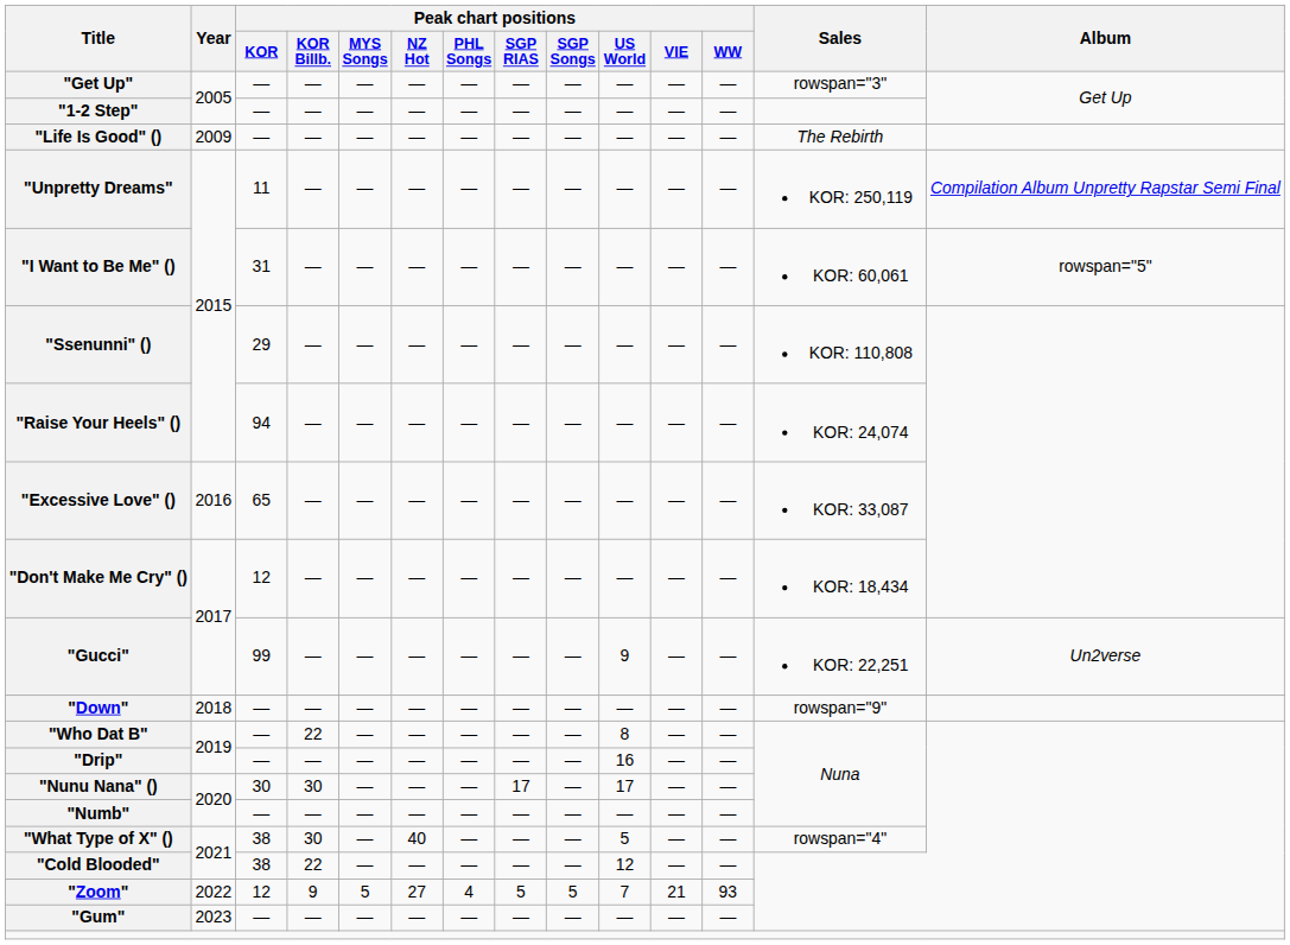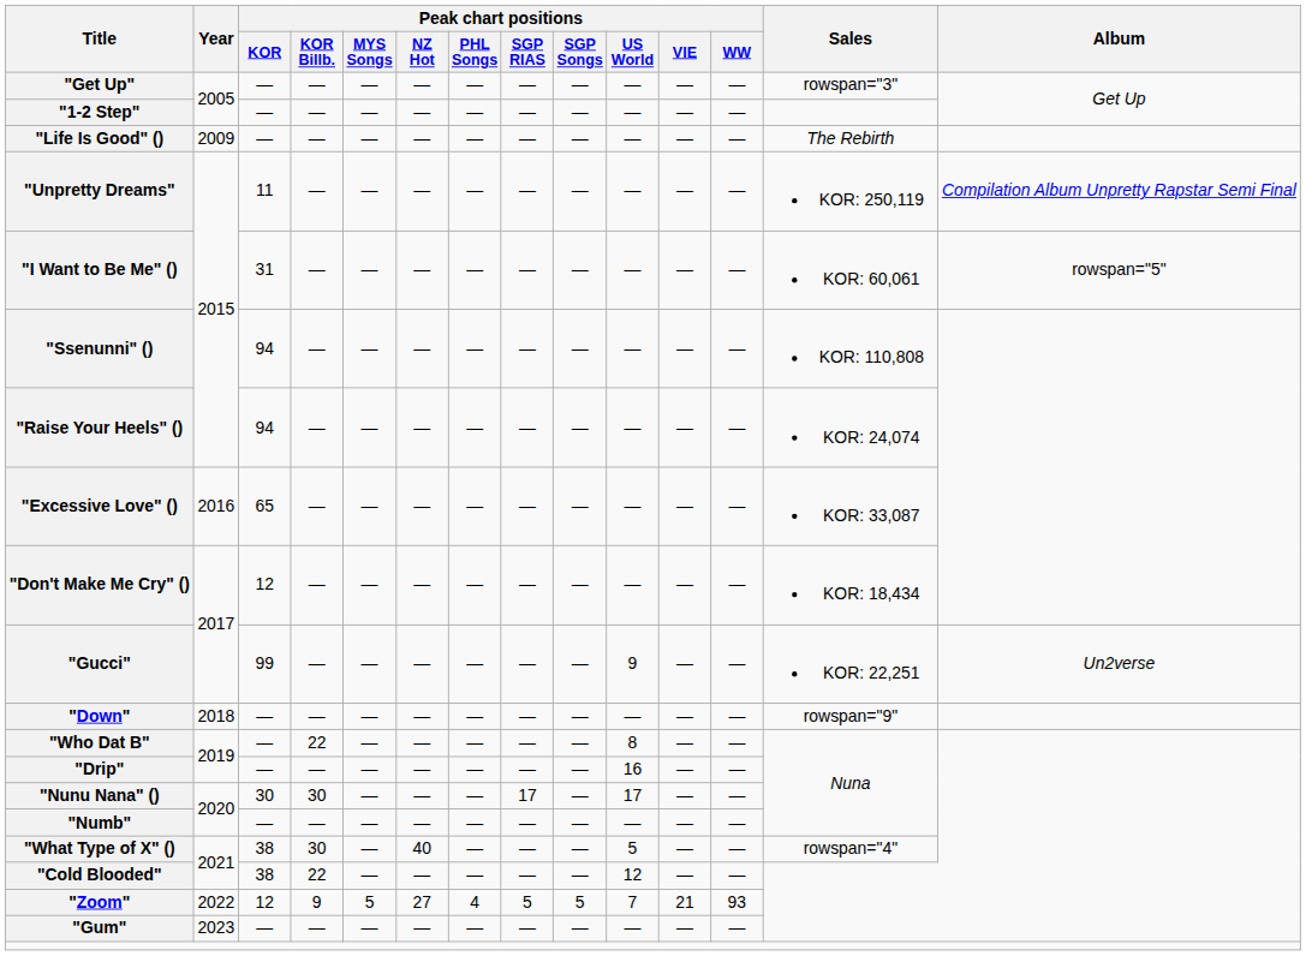 <table class="wikitable plainrowheaders" style="text-align:center">
 <tr>
 <th scope="col" rowspan="2">Title</th>
 <th scope="col" rowspan="2">Year</th>
 <th scope="col" colspan="10">Peak chart positions</th>
 <th scope="col" rowspan="2" style="width:10em;">Sales</th>
 <th scope="col" rowspan="2">Album</th>
 </tr>
 <tr>
 <th scope="col" style="width:3em;font-size:90%"><a href='#'>KOR</a><br></th>
 <th scope="col" style="width:3em;font-size:90%"><a href='#'>KOR<br>Billb.</a><br></th>
 <th scope="col" style="width:3em;font-size:90%"><a href='#'>MYS<br>Songs</a><br></th>
 <th scope="col" style="width:3em;font-size:90%"><a href='#'>NZ<br>Hot</a><br></th>
 <th scope="col" style="width:3em;font-size:90%"><a href='#'>PHL<br>Songs</a><br></th>
 <th scope="col" style="width:3em;font-size:90%"><a href='#'>SGP<br>RIAS</a><br></th>
 <th scope="col" style="width:3em;font-size:90%"><a href='#'>SGP<br>Songs</a><br></th>
 <th scope="col" style="width:3em;font-size:90%"><a href='#'>US<br>World</a><br></th>
 <th scope="col" style="width:3em;font-size:90%"><a href='#'>VIE</a><br></th>
 <th scope="col" style="width:3em;font-size:90%"><a href='#'>WW</a><br></th>
 </tr>
 <tr>
 <th scope="row">"Get Up"</th>
 <td rowspan="2">2005</td>
 <td>—</td>
 <td>—</td>
 <td>—</td>
 <td>—</td>
 <td>—</td>
 <td>—</td>
 <td>—</td>
 <td>—</td>
 <td>—</td>
 <td>—</td>
 <td>rowspan="3" </td>
 <td rowspan="2"><em>Get Up</em></td>
 </tr>
 <tr>
 <th scope="row">"1-2 Step"</th>
 <td>—</td>
 <td>—</td>
 <td>—</td>
 <td>—</td>
 <td>—</td>
 <td>—</td>
 <td>—</td>
 <td>—</td>
 <td>—</td>
 <td>—</td>
 </tr>
 <tr>
 <th scope="row">"Life Is Good" ()</th>
 <td>2009</td>
 <td>—</td>
 <td>—</td>
 <td>—</td>
 <td>—</td>
 <td>—</td>
 <td>—</td>
 <td>—</td>
 <td>—</td>
 <td>—</td>
 <td>—</td>
 <td><em>The Rebirth</em></td>
 </tr>
 <tr>
 <th scope="row">"Unpretty Dreams"</th>
 <td rowspan="4">2015</td>
 <td>11</td>
 <td>—</td>
 <td>—</td>
 <td>—</td>
 <td>—</td>
 <td>—</td>
 <td>—</td>
 <td>—</td>
 <td>—</td>
 <td>—</td>
 <td><br><ul><li>KOR: 250,119</li></ul></td>
 <td><em><a href='#'>Compilation Album Unpretty Rapstar Semi Final</a></em></td>
 </tr>
 <tr>
 <th scope="row">"I Want to Be Me" ()</th>
 <td>31</td>
 <td>—</td>
 <td>—</td>
 <td>—</td>
 <td>—</td>
 <td>—</td>
 <td>—</td>
 <td>—</td>
 <td>—</td>
 <td>—</td>
 <td><br><ul><li>KOR: 60,061</li></ul></td>
 <td>rowspan="5" </td>
 </tr>
 <tr>
 <th scope="row">"Ssenunni" ()</th>
-<td>29</td>
+<td>94</td>
 <td>—</td>
 <td>—</td>
 <td>—</td>
 <td>—</td>
 <td>—</td>
 <td>—</td>
 <td>—</td>
 <td>—</td>
 <td>—</td>
 <td><br><ul><li>KOR: 110,808</li></ul></td>
 </tr>
 <tr>
 <th scope="row">"Raise Your Heels" () </th>
 <td>94</td>
 <td>—</td>
 <td>—</td>
 <td>—</td>
 <td>—</td>
 <td>—</td>
 <td>—</td>
 <td>—</td>
 <td>—</td>
 <td>—</td>
 <td><br><ul><li>KOR: 24,074</li></ul></td>
 </tr>
 <tr>
 <th scope="row">"Excessive Love" ()</th>
 <td>2016</td>
 <td>65</td>
 <td>—</td>
 <td>—</td>
 <td>—</td>
 <td>—</td>
 <td>—</td>
 <td>—</td>
 <td>—</td>
 <td>—</td>
 <td>—</td>
 <td><br><ul><li>KOR: 33,087</li></ul></td>
 </tr>
 <tr>
 <th scope="row">"Don't Make Me Cry" ()</th>
 <td rowspan="2">2017</td>
 <td>12</td>
 <td>—</td>
 <td>—</td>
 <td>—</td>
 <td>—</td>
 <td>—</td>
 <td>—</td>
 <td>—</td>
 <td>—</td>
 <td>—</td>
 <td><br><ul><li>KOR: 18,434</li></ul></td>
 </tr>
 <tr>
 <th scope="row">"Gucci"</th>
 <td>99</td>
 <td>—</td>
 <td>—</td>
 <td>—</td>
 <td>—</td>
 <td>—</td>
 <td>—</td>
 <td>9</td>
 <td>—</td>
 <td>—</td>
 <td><br><ul><li>KOR: 22,251</li></ul></td>
 <td><em>Un2verse</em></td>
 </tr>
 <tr>
 <th scope="row">"<a href='#'>Down</a>"</th>
 <td>2018</td>
 <td>—</td>
 <td>—</td>
 <td>—</td>
 <td>—</td>
 <td>—</td>
 <td>—</td>
 <td>—</td>
 <td>—</td>
 <td>—</td>
 <td>—</td>
 <td>rowspan="9" </td>
 <td></td>
 </tr>
 <tr>
 <th scope="row">"Who Dat B"</th>
 <td rowspan="2">2019</td>
 <td>—</td>
 <td>22</td>
 <td>—</td>
 <td>—</td>
 <td>—</td>
 <td>—</td>
 <td>—</td>
 <td>8</td>
 <td>—</td>
 <td>—</td>
 <td rowspan="4"><em>Nuna</em></td>
 </tr>
 <tr>
 <th scope="row">"Drip" </th>
 <td>—</td>
 <td>—</td>
 <td>—</td>
 <td>—</td>
 <td>—</td>
 <td>—</td>
 <td>—</td>
 <td>16</td>
 <td>—</td>
 <td>—</td>
 </tr>
 <tr>
 <th scope="row">"Nunu Nana" ()</th>
 <td rowspan="2">2020</td>
 <td>30</td>
 <td>30</td>
 <td>—</td>
 <td>—</td>
 <td>—</td>
 <td>17</td>
 <td>—</td>
 <td>17</td>
 <td>—</td>
 <td>—</td>
 </tr>
 <tr>
 <th scope="row">"Numb"</th>
 <td>—</td>
 <td>—</td>
 <td>—</td>
 <td>—</td>
 <td>—</td>
 <td>—</td>
 <td>—</td>
 <td>—</td>
 <td>—</td>
 <td>—</td>
 </tr>
 <tr>
 <th scope="row">"What Type of X" ()</th>
 <td rowspan="2">2021</td>
 <td>38</td>
 <td>30</td>
 <td>—</td>
 <td>40</td>
 <td>—</td>
 <td>—</td>
 <td>—</td>
 <td>5</td>
 <td>—</td>
 <td>—</td>
 <td>rowspan="4" </td>
 </tr>
 <tr>
 <th scope="row">"Cold Blooded"<br></th>
 <td>38</td>
 <td>22</td>
 <td>—</td>
 <td>—</td>
 <td>—</td>
 <td>—</td>
 <td>—</td>
 <td>12</td>
 <td>—</td>
 <td>—</td>
 </tr>
 <tr>
 <th scope="row">"<a href='#'>Zoom</a>"</th>
 <td>2022</td>
 <td>12</td>
 <td>9</td>
 <td>5</td>
 <td>27</td>
 <td>4</td>
 <td>5</td>
 <td>5</td>
 <td>7</td>
 <td>21</td>
 <td>93</td>
 </tr>
 <tr>
 <th scope="row">"Gum"</th>
 <td>2023</td>
 <td>—</td>
 <td>—</td>
 <td>—</td>
 <td>—</td>
 <td>—</td>
 <td>—</td>
 <td>—</td>
 <td>—</td>
 <td>—</td>
 <td>—</td>
 </tr>
 <tr>
 <td colspan="14"></td>
 </tr>
 </table>
